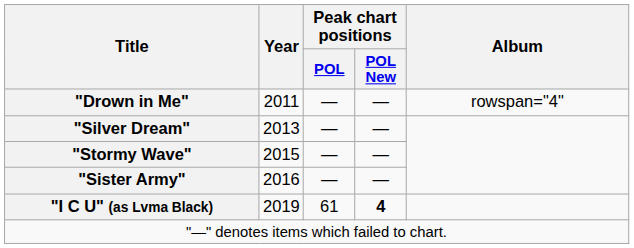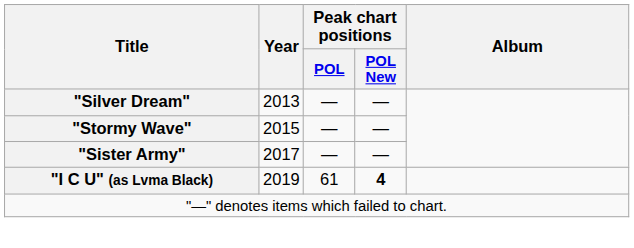 <table class="wikitable plainrowheaders" style="text-align:center;">
 <tr>
 <th scope="col" rowspan="2" style="width:15em;">Title</th>
 <th scope="col" rowspan="2">Year</th>
 <th scope="col" colspan="2">Peak chart positions</th>
 <th scope="col" rowspan="2" style="width:13em;">Album</th>
 </tr>
 <tr>
 <th style="width:3em;font-size:90%;"><a href='#'>POL</a><br></th>
 <th style="width:3em;font-size:90%;"><a href='#'>POL<br>New</a><br></th>
-</tr>
-<tr>
-<th scope="row">"Drown in Me"</th>
-<td>2011</td>
-<td>—</td>
-<td>—</td>
-<td>rowspan="4" </td>
 </tr>
 <tr>
 <th scope="row">"Silver Dream"</th>
 <td>2013</td>
 <td>—</td>
 <td>—</td>
 </tr>
 <tr>
 <th scope="row">"Stormy Wave"</th>
 <td>2015</td>
 <td>—</td>
 <td>—</td>
 </tr>
 <tr>
 <th scope="row">"Sister Army"</th>
-<td>2016</td>
+<td>2017</td>
 <td>—</td>
 <td>—</td>
 </tr>
 <tr>
 <th scope="row">"I C U" <small>(as Lvma Black)</small></th>
 <td>2019</td>
 <td>61</td>
 <td><strong>4</strong></td>
 <td></td>
 </tr>
 <tr>
 <td colspan="5" style="font-size:90%;">"—" denotes items which failed to chart.</td>
 </tr>
 </table>
